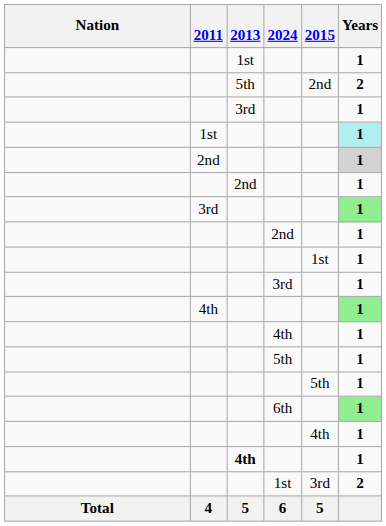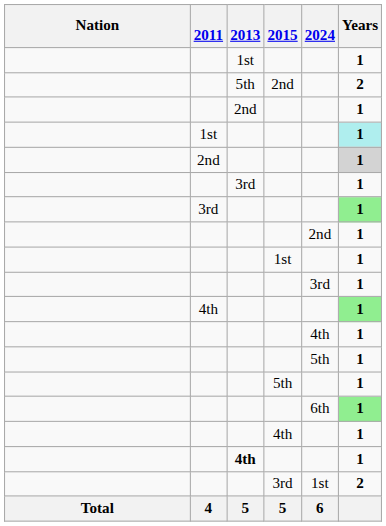 <table class="wikitable" style="text-align:center; font-size:90%">
 <tr>
 <th width=170>Nation</th>
 <th><br><a href='#'>2011</a></th>
 <th><br><a href='#'>2013</a></th>
+<th><br><a href='#'>2015</a></th>
 <th><br><a href='#'>2024</a></th>
-<th><br><a href='#'>2015</a></th>
 <th>Years</th>
 </tr>
 <tr>
 <td align=left></td>
 <td></td>
 <td>1st</td>
 <td></td>
 <td></td>
 <td><strong>1</strong></td>
 </tr>
 <tr>
 <td align=left></td>
 <td></td>
 <td>5th</td>
+<td>2nd</td>
 <td></td>
-<td>2nd</td>
 <td><strong>2</strong></td>
 </tr>
 <tr>
 <td align=left></td>
 <td></td>
-<td>3rd</td>
+<td>2nd</td>
 <td></td>
 <td></td>
 <td><strong>1</strong></td>
 </tr>
 <tr>
 <td align=left></td>
 <td>1st</td>
 <td></td>
 <td></td>
 <td></td>
 <td style="background: paleturquoise;"><strong>1</strong></td>
 </tr>
 <tr>
 <td align=left></td>
 <td>2nd</td>
 <td></td>
 <td></td>
 <td></td>
 <td style="background: lightgrey;"><strong>1</strong></td>
 </tr>
 <tr>
 <td align=left></td>
 <td></td>
-<td>2nd</td>
+<td>3rd</td>
 <td></td>
 <td></td>
 <td><strong>1</strong></td>
 </tr>
 <tr>
 <td align=left></td>
 <td>3rd</td>
 <td></td>
 <td></td>
 <td></td>
 <td style="background: lightgreen;"><strong>1</strong></td>
 </tr>
 <tr>
 <td align=left></td>
 <td></td>
 <td></td>
+<td></td>
 <td>2nd</td>
+<td><strong>1</strong></td>
+</tr>
+<tr>
+<td align=left></td>
+<td></td>
+<td></td>
+<td>1st</td>
 <td></td>
 <td><strong>1</strong></td>
 </tr>
 <tr>
 <td align=left></td>
 <td></td>
 <td></td>
 <td></td>
-<td>1st</td>
-<td><strong>1</strong></td>
-</tr>
-<tr>
-<td align=left></td>
-<td></td>
-<td></td>
 <td>3rd</td>
-<td></td>
 <td><strong>1</strong></td>
 </tr>
 <tr>
 <td align=left></td>
 <td>4th</td>
 <td></td>
 <td></td>
 <td></td>
 <td style="background: lightgreen;"><strong>1</strong></td>
 </tr>
 <tr>
 <td align=left></td>
 <td></td>
 <td></td>
+<td></td>
 <td>4th</td>
+<td><strong>1</strong></td>
+</tr>
+<tr>
+<td align=left></td>
 <td></td>
+<td></td>
+<td></td>
+<td>5th</td>
 <td><strong>1</strong></td>
 </tr>
 <tr>
 <td align=left></td>
 <td></td>
 <td></td>
 <td>5th</td>
 <td></td>
 <td><strong>1</strong></td>
 </tr>
 <tr>
 <td align=left></td>
 <td></td>
 <td></td>
 <td></td>
-<td>5th</td>
-<td><strong>1</strong></td>
-</tr>
-<tr>
-<td align=left></td>
-<td></td>
-<td></td>
 <td>6th</td>
-<td></td>
 <td style="background: lightgreen;"><strong>1</strong></td>
 </tr>
 <tr>
 <td align=left></td>
 <td></td>
 <td></td>
+<td>4th</td>
 <td></td>
-<td>4th</td>
 <td><strong>1</strong></td>
 </tr>
 <tr>
 <td align=left></td>
 <td></td>
 <td><strong>4th</strong></td>
 <td></td>
 <td></td>
 <td><strong>1</strong></td>
 </tr>
 <tr>
 <td align=left></td>
 <td></td>
 <td></td>
+<td>3rd</td>
 <td>1st</td>
-<td>3rd</td>
 <td><strong>2</strong></td>
 </tr>
 <tr>
 <th>Total</th>
 <th>4</th>
 <th>5</th>
+<th>5</th>
 <th>6</th>
-<th>5</th>
 <th></th>
 </tr>
 </table>
